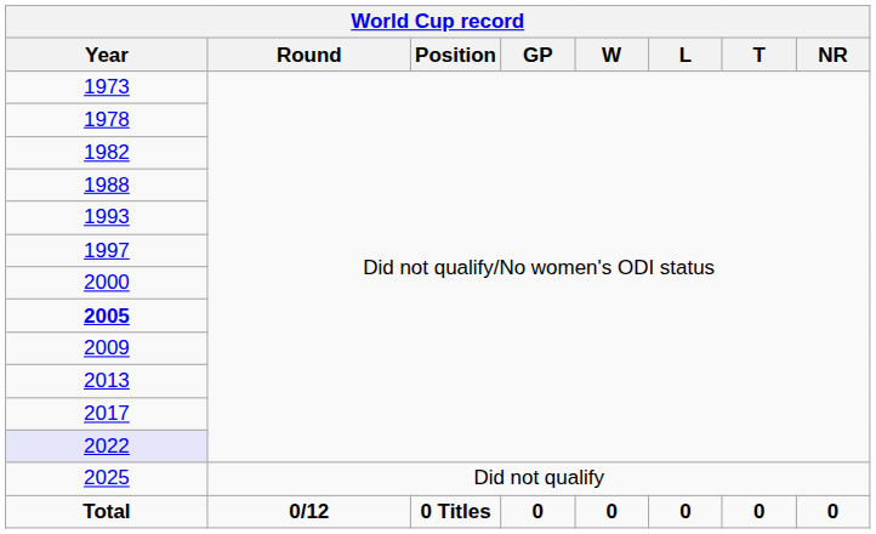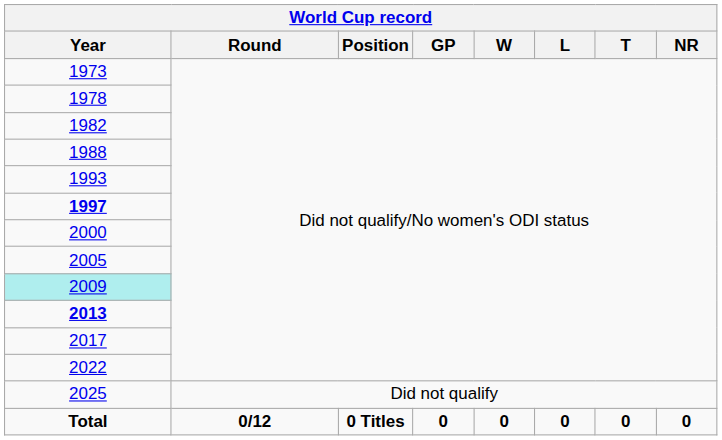 <table class="wikitable" style="text-align: center;">
 <tr>
 <th colspan=8><a href='#'>World Cup record</a></th>
 </tr>
 <tr>
 <th width=150>Year</th>
 <th width=150>Round</th>
 <th width=50>Position</th>
 <th width=50>GP</th>
 <th width=50>W</th>
 <th width=50>L</th>
 <th width=50>T</th>
 <th width=50>NR</th>
 </tr>
 <tr>
 <td> <a href='#'>1973</a></td>
 <td colspan=7  rowspan=12>Did not qualify/No women's ODI status</td>
 </tr>
 <tr>
 <td> <a href='#'>1978</a></td>
 </tr>
 <tr>
 <td> <a href='#'>1982</a></td>
 </tr>
 <tr>
 <td> <a href='#'>1988</a></td>
 </tr>
 <tr>
 <td> <a href='#'>1993</a></td>
 </tr>
 <tr>
-<td> <a href='#'>1997</a></td>
+<td><strong> <a href='#'>1997</a></strong></td>
 </tr>
 <tr>
 <td> <a href='#'>2000</a></td>
 </tr>
 <tr>
-<td><strong> <a href='#'>2005</a></strong></td>
+<td> <a href='#'>2005</a></td>
 </tr>
 <tr>
-<td> <a href='#'>2009</a></td>
+<td style="background: paleturquoise;"> <a href='#'>2009</a></td>
 </tr>
 <tr>
-<td> <a href='#'>2013</a></td>
+<td><strong> <a href='#'>2013</a></strong></td>
 </tr>
 <tr>
 <td> <a href='#'>2017</a></td>
 </tr>
 <tr>
-<td style="background: lavender;"> <a href='#'>2022</a></td>
+<td> <a href='#'>2022</a></td>
 </tr>
 <tr>
 <td> <a href='#'>2025</a></td>
 <td colspan=8>Did not qualify</td>
 </tr>
 <tr>
 <td><strong>Total</strong></td>
 <td><strong>0/12</strong></td>
 <td><strong>0 Titles</strong></td>
 <td><strong>0</strong></td>
 <td><strong>0</strong></td>
 <td><strong>0</strong></td>
 <td><strong>0</strong></td>
 <td><strong>0</strong></td>
 </tr>
 </table>
